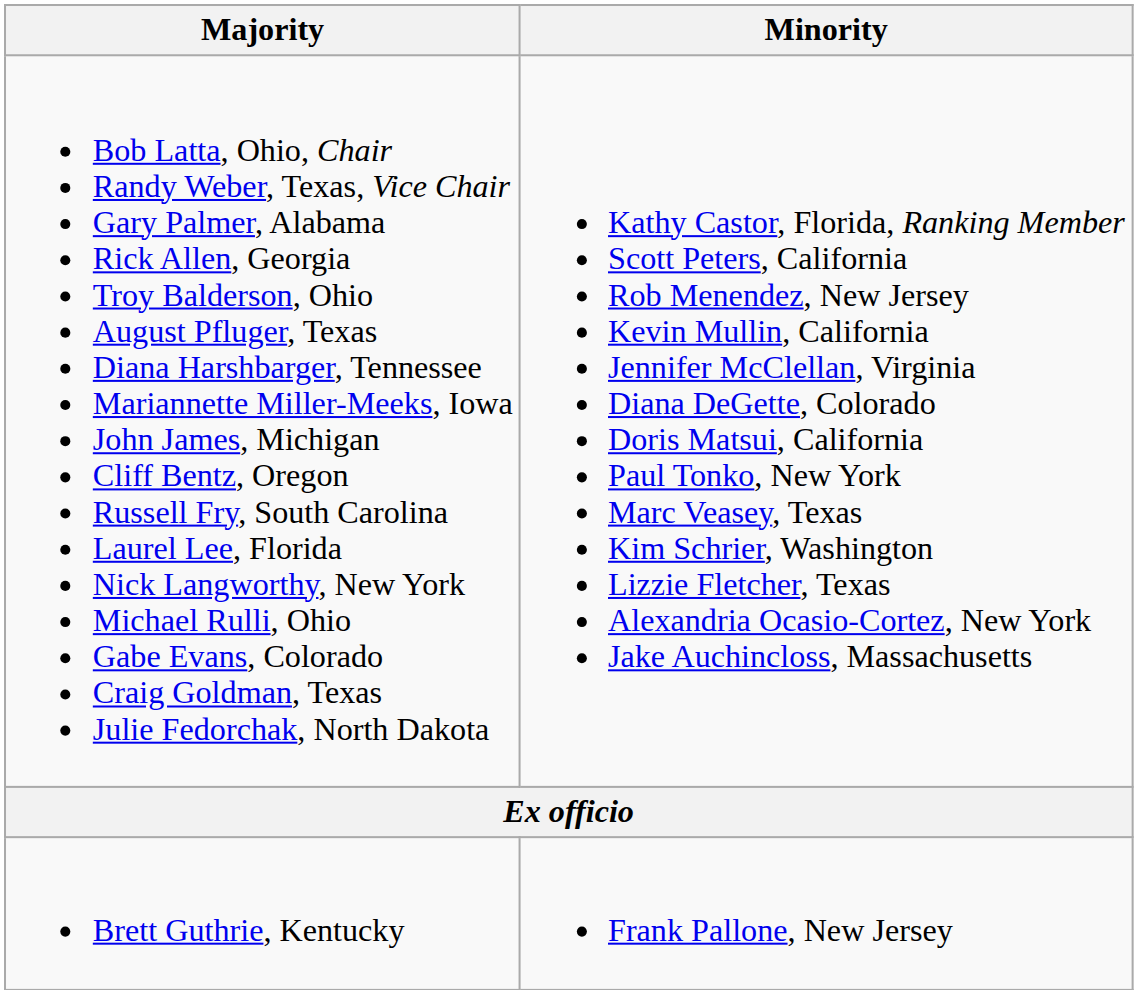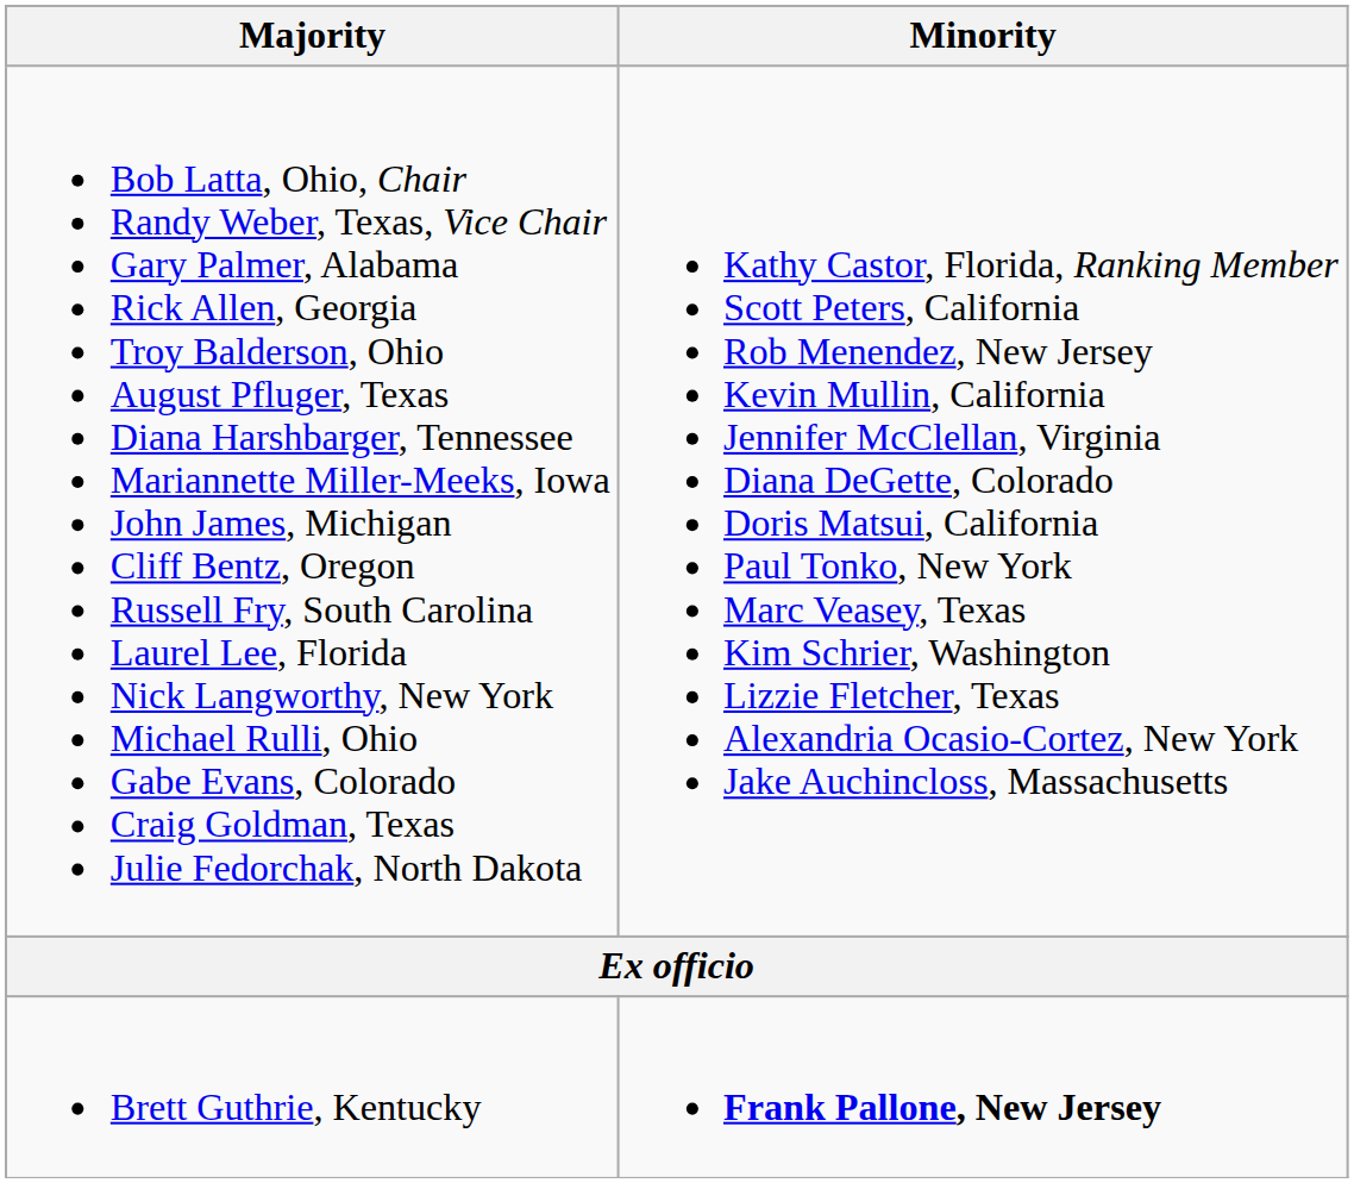 <table class=wikitable>
 <tr>
 <th>Majority</th>
 <th>Minority</th>
 </tr>
 <tr>
 <td><br><ul><li><a href='#'>Bob Latta</a>, Ohio, <em>Chair</em></li><li><a href='#'>Randy Weber</a>, Texas, <em>Vice Chair</em></li><li><a href='#'>Gary Palmer</a>, Alabama</li><li><a href='#'>Rick Allen</a>, Georgia</li><li><a href='#'>Troy Balderson</a>, Ohio</li><li><a href='#'>August Pfluger</a>, Texas</li><li><a href='#'>Diana Harshbarger</a>, Tennessee</li><li><a href='#'>Mariannette Miller-Meeks</a>, Iowa</li><li><a href='#'>John James</a>, Michigan</li><li><a href='#'>Cliff Bentz</a>, Oregon</li><li><a href='#'>Russell Fry</a>, South Carolina</li><li><a href='#'>Laurel Lee</a>, Florida</li><li><a href='#'>Nick Langworthy</a>, New York</li><li><a href='#'>Michael Rulli</a>, Ohio</li><li><a href='#'>Gabe Evans</a>, Colorado</li><li><a href='#'>Craig Goldman</a>, Texas</li><li><a href='#'>Julie Fedorchak</a>, North Dakota</li></ul></td>
 <td><br><ul><li><a href='#'>Kathy Castor</a>, Florida, <em>Ranking Member</em></li><li><a href='#'>Scott Peters</a>, California</li><li><a href='#'>Rob Menendez</a>, New Jersey</li><li><a href='#'>Kevin Mullin</a>, California</li><li><a href='#'>Jennifer McClellan</a>, Virginia</li><li><a href='#'>Diana DeGette</a>, Colorado</li><li><a href='#'>Doris Matsui</a>, California</li><li><a href='#'>Paul Tonko</a>, New York</li><li><a href='#'>Marc Veasey</a>, Texas</li><li><a href='#'>Kim Schrier</a>, Washington</li><li><a href='#'>Lizzie Fletcher</a>, Texas</li><li><a href='#'>Alexandria Ocasio-Cortez</a>, New York</li><li><a href='#'>Jake Auchincloss</a>, Massachusetts</li></ul></td>
 </tr>
 <tr>
 <th colspan=2><em>Ex officio</em></th>
 </tr>
 <tr>
 <td><br><ul><li><a href='#'>Brett Guthrie</a>, Kentucky</li></ul></td>
-<td><br><ul><li><a href='#'>Frank Pallone</a>, New Jersey</li></ul></td>
+<td><strong><br><ul><li><a href='#'>Frank Pallone</a>, New Jersey</li></ul></strong></td>
 </tr>
 </table>
